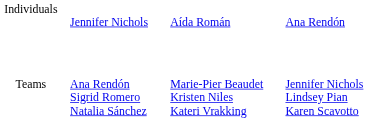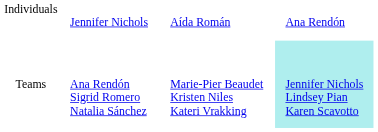 <table>
 <tr>
 <td align=center>Individuals</td>
 <td style="padding: 14px;"> <br><br><a href='#'>Jennifer Nichols</a></td>
 <td style="padding: 14px;"> <br><br><a href='#'>Aída Román</a></td>
 <td style="padding: 14px;"> <br><br><a href='#'>Ana Rendón</a></td>
 </tr>
 <tr>
 <td align=center>Teams</td>
 <td style="padding: 14px;"> <br><br><a href='#'>Ana Rendón</a><br><a href='#'>Sigrid Romero</a><br><a href='#'>Natalia Sánchez</a></td>
 <td style="padding: 14px;"> <br><br><a href='#'>Marie-Pier Beaudet</a><br><a href='#'>Kristen Niles</a><br><a href='#'>Kateri Vrakking</a></td>
-<td style="padding: 14px;"> <br><br><a href='#'>Jennifer Nichols</a><br><a href='#'>Lindsey Pian</a><br><a href='#'>Karen Scavotto</a></td>
+<td style="background: paleturquoise; padding: 14px;"> <br><br><a href='#'>Jennifer Nichols</a><br><a href='#'>Lindsey Pian</a><br><a href='#'>Karen Scavotto</a></td>
 </tr>
 <tr>
 </tr>
 </table>
